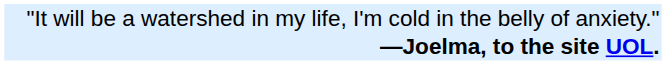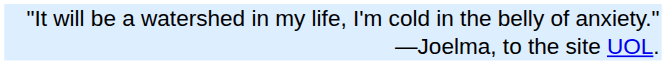 <table class="toccolours" style="float: right; margin-left: 1em; margin-right: 2em; font-size: 85%; background:#ddeeff; color:black; width:30em; max-width: 25%;" cellspacing="0">
 <tr>
 <td style="text-align: right;">"It will be a watershed in my life, I'm cold in the belly of anxiety."</td>
 </tr>
 <tr>
-<td style="text-align: right;"><strong>—Joelma, to the site <a href='#'>UOL</a>.</strong></td>
+<td style="text-align: right;">—Joelma, to the site <a href='#'>UOL</a>.</td>
 </tr>
 </table>
